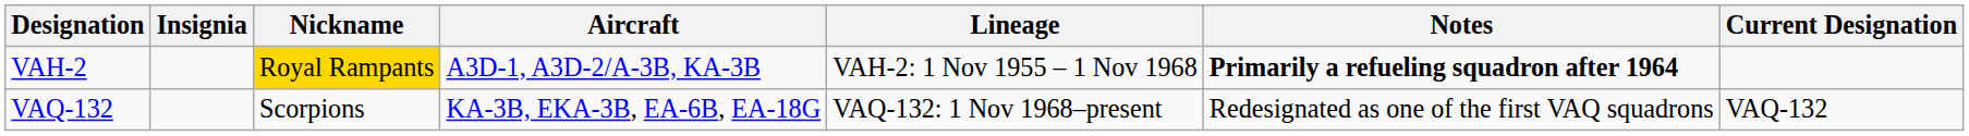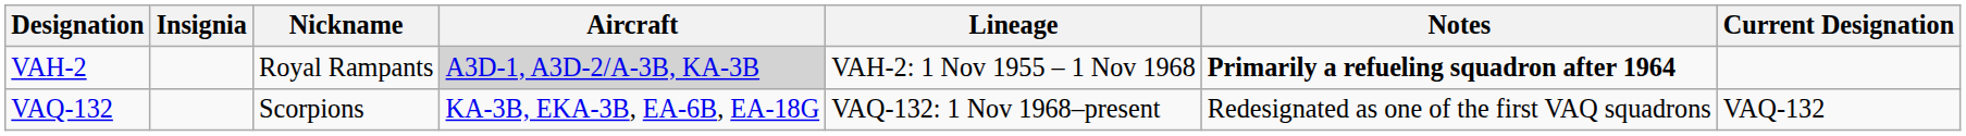 <table class="wikitable">
 <tr>
 <th>Designation</th>
 <th>Insignia</th>
 <th>Nickname</th>
 <th>Aircraft</th>
 <th>Lineage</th>
 <th>Notes</th>
 <th>Current Designation</th>
 </tr>
 <tr>
 <td><a href='#'>VAH-2</a></td>
 <td></td>
-<td style="background: gold;">Royal Rampants</td>
-<td><a href='#'>A3D-1, A3D-2/A-3B, KA-3B</a></td>
+<td>Royal Rampants</td>
+<td style="background: lightgrey;"><a href='#'>A3D-1, A3D-2/A-3B, KA-3B</a></td>
 <td style="white-space: nowrap;">VAH-2: 1 Nov 1955 – 1 Nov 1968</td>
 <td><strong> Primarily a refueling squadron after 1964</strong></td>
 </tr>
 <tr>
 <td><a href='#'>VAQ-132</a></td>
 <td></td>
 <td>Scorpions</td>
 <td><a href='#'>KA-3B, EKA-3B</a>, <a href='#'>EA-6B</a>, <a href='#'>EA-18G</a></td>
 <td>VAQ-132: 1 Nov 1968–present</td>
 <td>Redesignated as one of the first VAQ squadrons</td>
 <td>VAQ-132</td>
 </tr>
 </table>
